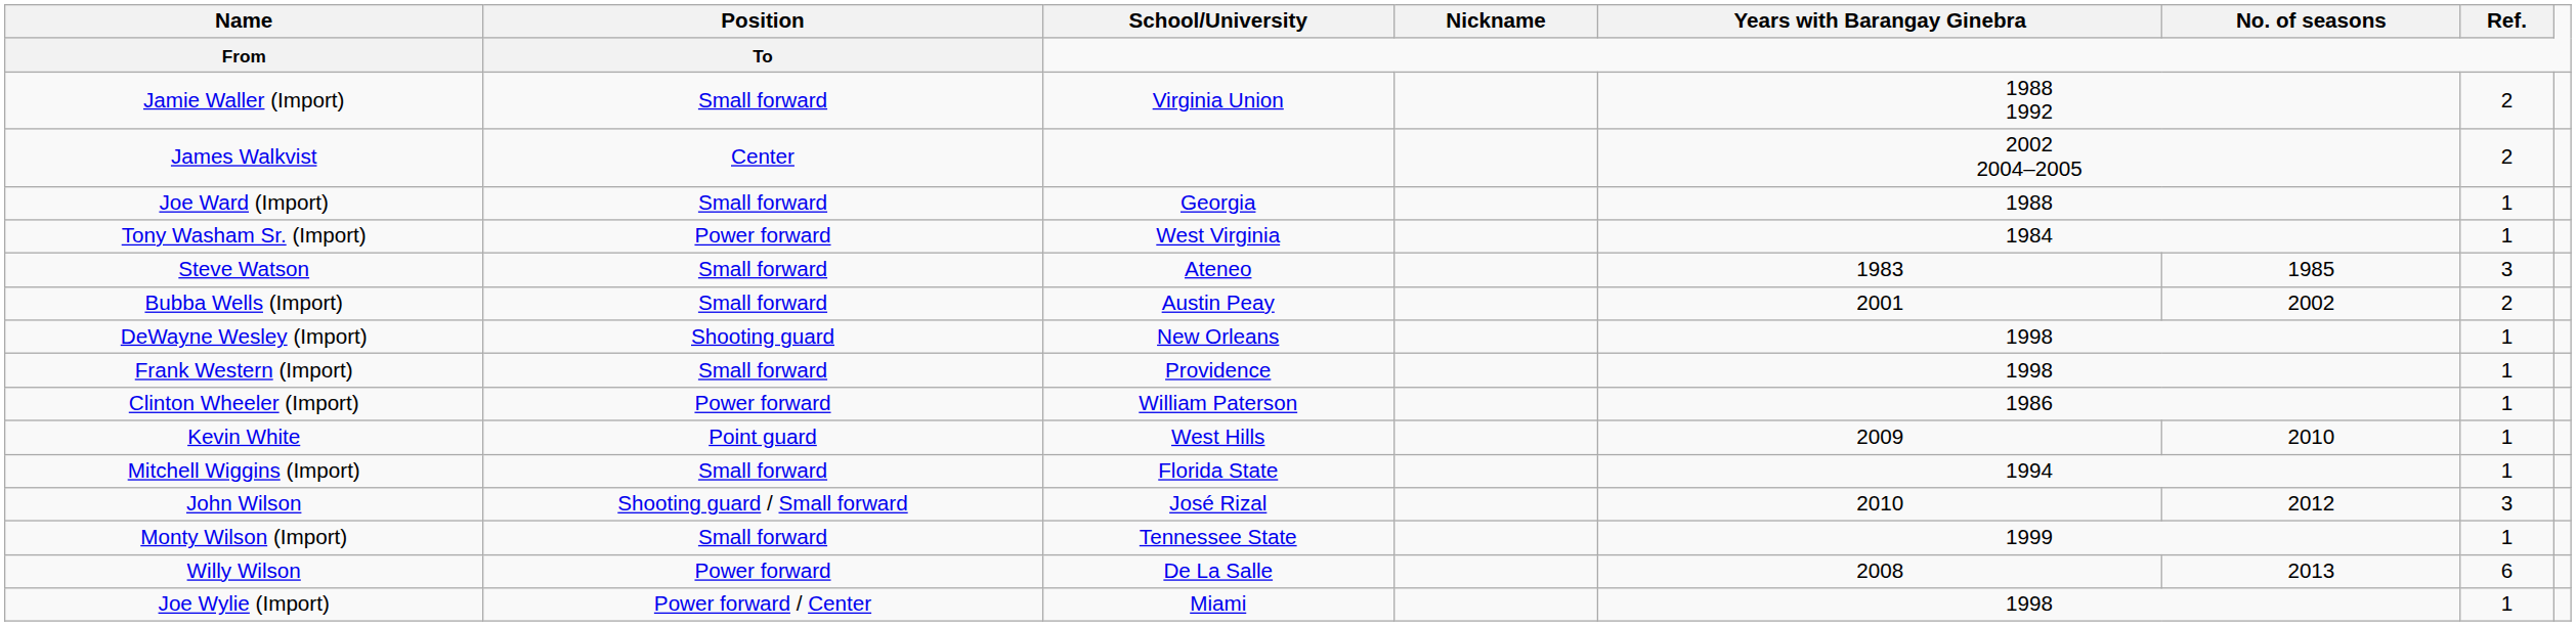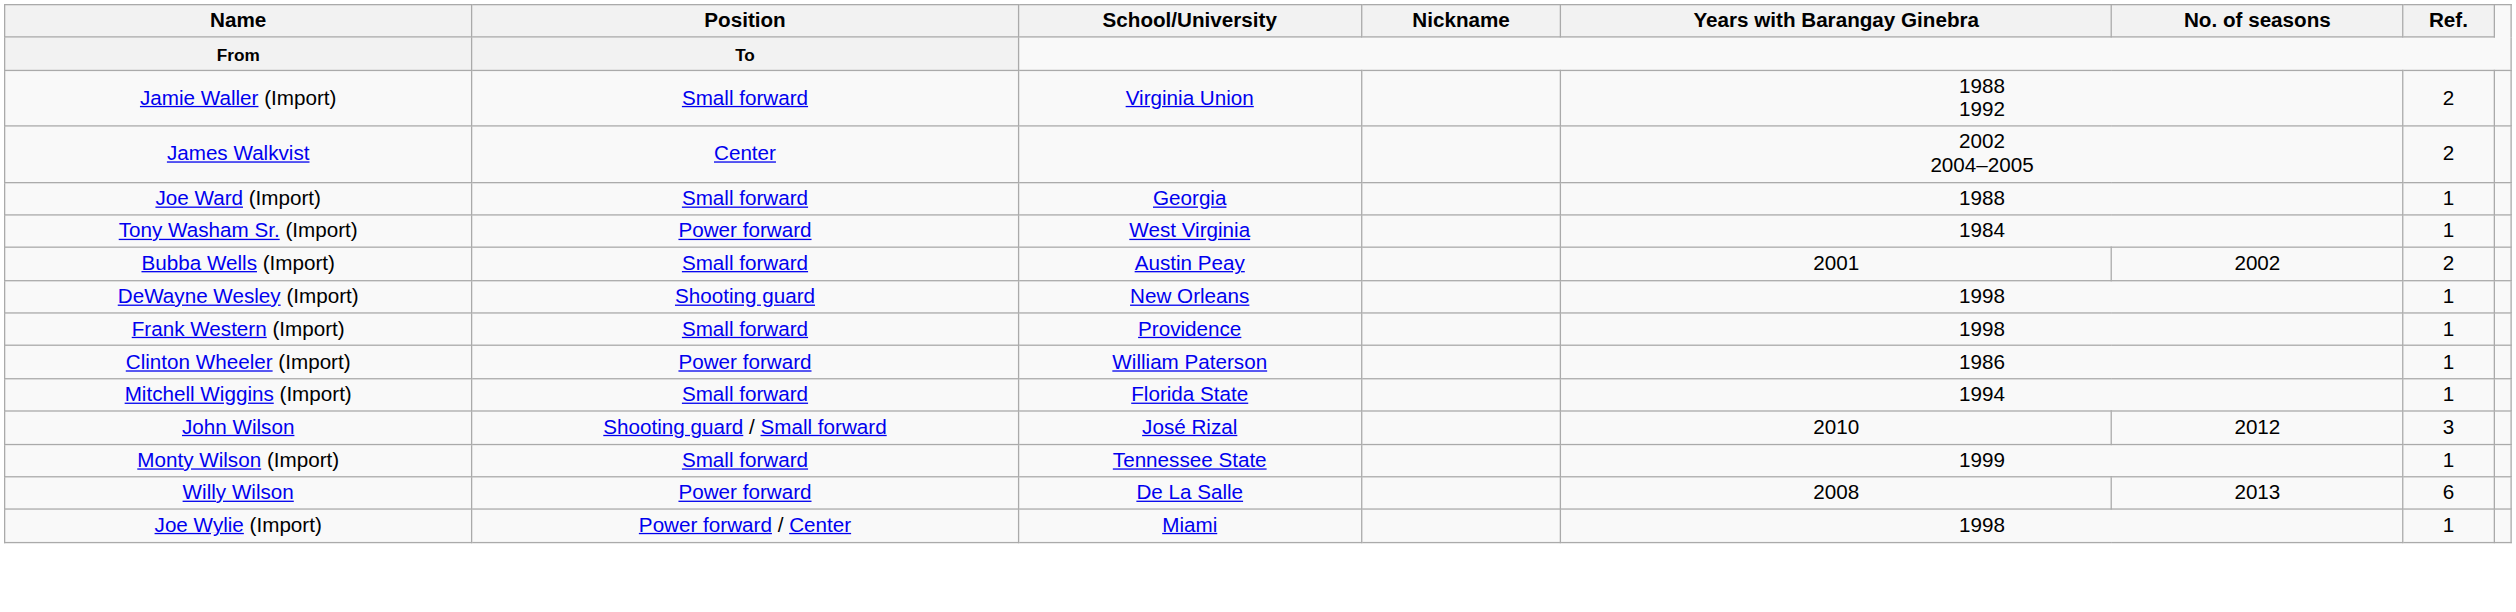 <table class="wikitable sortable" style="text-align:center" width="98%">
 <tr>
 <th>Name</th>
 <th>Position</th>
 <th>School/University</th>
 <th>Nickname</th>
 <th>Years with Barangay Ginebra</th>
 <th>No. of seasons</th>
 <th>Ref.</th>
 </tr>
 <tr>
 <th><small>From</small></th>
 <th><small>To</small></th>
 </tr>
 <tr>
 <td><a href='#'>Jamie Waller</a> (Import)</td>
 <td><a href='#'>Small forward</a></td>
 <td><a href='#'>Virginia Union</a></td>
 <td></td>
 <td colspan="2">1988<br>1992</td>
 <td>2</td>
 <td></td>
 </tr>
 <tr>
 <td><a href='#'>James Walkvist</a></td>
 <td><a href='#'>Center</a></td>
 <td></td>
 <td></td>
 <td colspan="2">2002<br>2004–2005</td>
 <td>2</td>
 <td></td>
 </tr>
 <tr>
 <td><a href='#'>Joe Ward</a> (Import)</td>
 <td><a href='#'>Small forward</a></td>
 <td><a href='#'>Georgia</a></td>
 <td></td>
 <td colspan="2">1988</td>
 <td>1</td>
 <td></td>
 </tr>
 <tr>
 <td><a href='#'>Tony Washam Sr.</a> (Import)</td>
 <td><a href='#'>Power forward</a></td>
 <td><a href='#'>West Virginia</a></td>
 <td></td>
 <td colspan="2">1984</td>
 <td>1</td>
 <td></td>
 </tr>
 <tr>
-<td><a href='#'>Steve Watson</a></td>
-<td><a href='#'>Small forward</a></td>
-<td><a href='#'>Ateneo</a></td>
-<td></td>
-<td>1983</td>
-<td>1985</td>
-<td>3</td>
-<td></td>
-</tr>
-<tr>
 <td><a href='#'>Bubba Wells</a> (Import)</td>
 <td><a href='#'>Small forward</a></td>
 <td><a href='#'>Austin Peay</a></td>
 <td></td>
 <td>2001</td>
 <td>2002</td>
 <td>2</td>
 <td></td>
 </tr>
 <tr>
 <td><a href='#'>DeWayne Wesley</a> (Import)</td>
 <td><a href='#'>Shooting guard</a></td>
 <td><a href='#'>New Orleans</a></td>
 <td></td>
 <td colspan="2">1998</td>
 <td>1</td>
 <td></td>
 </tr>
 <tr>
 <td><a href='#'>Frank Western</a> (Import)</td>
 <td><a href='#'>Small forward</a></td>
 <td><a href='#'>Providence</a></td>
 <td></td>
 <td colspan="2">1998</td>
 <td>1</td>
 <td></td>
 </tr>
 <tr>
 <td><a href='#'>Clinton Wheeler</a> (Import)</td>
 <td><a href='#'>Power forward</a></td>
 <td><a href='#'>William Paterson</a></td>
 <td></td>
 <td colspan="2">1986</td>
-<td>1</td>
-<td></td>
-</tr>
-<tr>
-<td><a href='#'>Kevin White</a></td>
-<td><a href='#'>Point guard</a></td>
-<td><a href='#'>West Hills</a></td>
-<td></td>
-<td>2009</td>
-<td>2010</td>
 <td>1</td>
 <td></td>
 </tr>
 <tr>
 <td><a href='#'>Mitchell Wiggins</a> (Import)</td>
 <td><a href='#'>Small forward</a></td>
 <td><a href='#'>Florida State</a></td>
 <td></td>
 <td colspan="2">1994</td>
 <td>1</td>
 <td></td>
 </tr>
 <tr>
 <td><a href='#'>John Wilson</a></td>
 <td><a href='#'>Shooting guard</a> / <a href='#'>Small forward</a></td>
 <td><a href='#'>José Rizal</a></td>
 <td></td>
 <td>2010</td>
 <td>2012</td>
 <td>3</td>
 <td></td>
 </tr>
 <tr>
 <td><a href='#'>Monty Wilson</a> (Import)</td>
 <td><a href='#'>Small forward</a></td>
 <td><a href='#'>Tennessee State</a></td>
 <td></td>
 <td colspan="2">1999</td>
 <td>1</td>
 <td></td>
 </tr>
 <tr>
 <td><a href='#'>Willy Wilson</a></td>
 <td><a href='#'>Power forward</a></td>
 <td><a href='#'>De La Salle</a></td>
 <td></td>
 <td>2008</td>
 <td>2013</td>
 <td>6</td>
 <td></td>
 </tr>
 <tr>
 <td><a href='#'>Joe Wylie</a> (Import)</td>
 <td><a href='#'>Power forward</a> / <a href='#'>Center</a></td>
 <td><a href='#'>Miami</a></td>
 <td></td>
 <td colspan="2">1998</td>
 <td>1</td>
 <td></td>
 </tr>
 </table>
